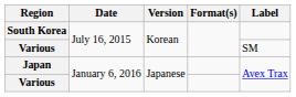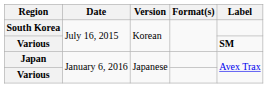 <table class="wikitable plainrowheaders">
 <tr>
 <th>Region</th>
 <th>Date</th>
 <th>Version</th>
 <th>Format(s)</th>
 <th>Label</th>
 </tr>
 <tr>
 <th scope="row">South Korea</th>
 <td rowspan="2">July 16, 2015</td>
 <td rowspan="2">Korean</td>
 <td rowspan="2"></td>
 <td></td>
 </tr>
 <tr>
 <th scope="row">Various</th>
-<td>SM</td>
+<td><strong>SM</strong></td>
 </tr>
 <tr>
 <th scope="row">Japan</th>
 <td rowspan="2">January 6, 2016</td>
 <td rowspan="2">Japanese</td>
 <td></td>
 <td rowspan="2"><a href='#'>Avex Trax</a></td>
 </tr>
 <tr>
 <th scope="row">Various</th>
 <td></td>
 </tr>
 </table>
